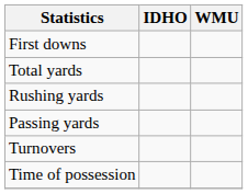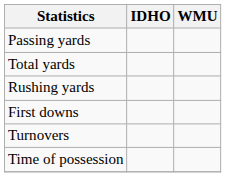 <table class="wikitable" style="float: left;">
 <tr>
 <th>Statistics</th>
 <th>IDHO</th>
 <th>WMU</th>
 </tr>
 <tr>
-<td>First downs</td>
+<td>Passing yards</td>
 <td></td>
 <td></td>
 </tr>
 <tr>
 <td>Total yards</td>
 <td></td>
 <td></td>
 </tr>
 <tr>
 <td>Rushing yards</td>
 <td></td>
 <td></td>
 </tr>
 <tr>
-<td>Passing yards</td>
+<td>First downs</td>
 <td></td>
 <td></td>
 </tr>
 <tr>
 <td>Turnovers</td>
 <td></td>
 <td></td>
 </tr>
 <tr>
 <td>Time of possession</td>
 <td></td>
 <td></td>
 </tr>
 <tr>
 </tr>
 </table>
